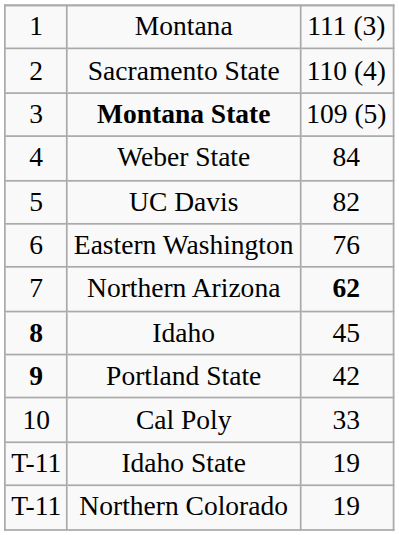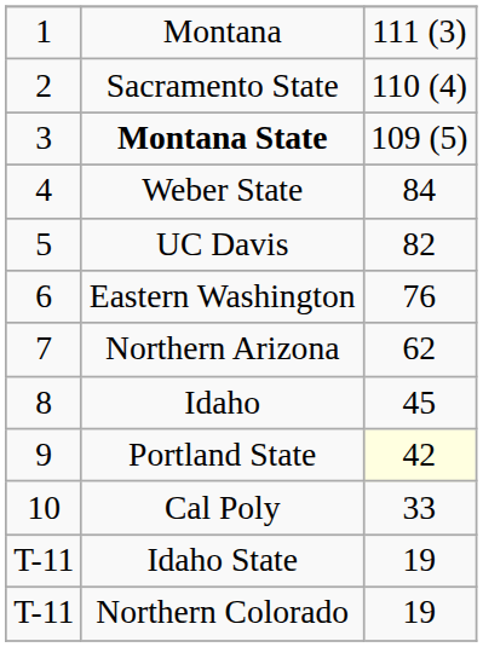 <table class="wikitable" style="display: inline-table;">
 <tr align="center">
 </tr>
 <tr align="center">
 <td>1</td>
 <td>Montana</td>
 <td>111 (3)</td>
 </tr>
 <tr align="center">
 <td>2</td>
 <td>Sacramento State</td>
 <td>110 (4)</td>
 </tr>
 <tr align="center">
 <td>3</td>
 <td><strong>Montana State</strong></td>
 <td>109 (5)</td>
 </tr>
 <tr align="center">
 <td>4</td>
 <td>Weber State</td>
 <td>84</td>
 </tr>
 <tr align="center">
 <td>5</td>
 <td>UC Davis</td>
 <td>82</td>
 </tr>
 <tr align="center">
 <td>6</td>
 <td>Eastern Washington</td>
 <td>76</td>
 </tr>
 <tr align="center">
 <td>7</td>
 <td>Northern Arizona</td>
-<td><strong>62</strong></td>
+<td>62</td>
 </tr>
 <tr align="center">
-<td><strong>8</strong></td>
+<td>8</td>
 <td>Idaho</td>
 <td>45</td>
 </tr>
 <tr align="center">
-<td><strong>9</strong></td>
+<td>9</td>
 <td>Portland State</td>
-<td>42</td>
+<td style="background: lightyellow;">42</td>
 </tr>
 <tr align="center">
 <td>10</td>
 <td>Cal Poly</td>
 <td>33</td>
 </tr>
 <tr align="center">
 <td>T-11</td>
 <td>Idaho State</td>
 <td>19</td>
 </tr>
 <tr align="center">
 <td>T-11</td>
 <td>Northern Colorado</td>
 <td>19</td>
 </tr>
 </table>
